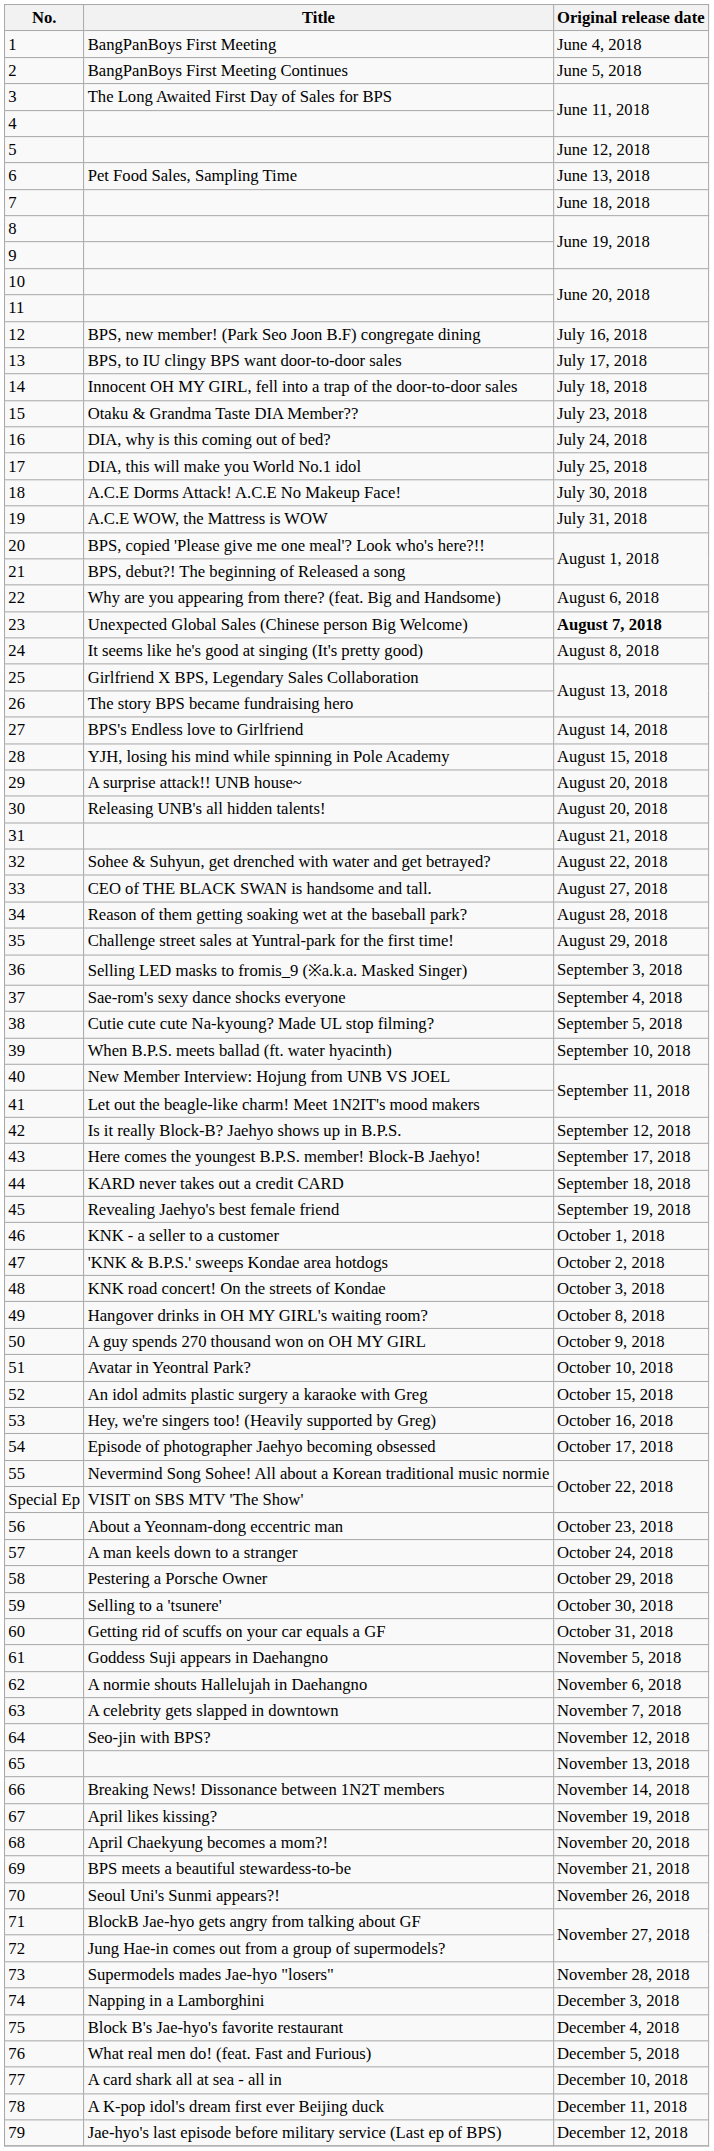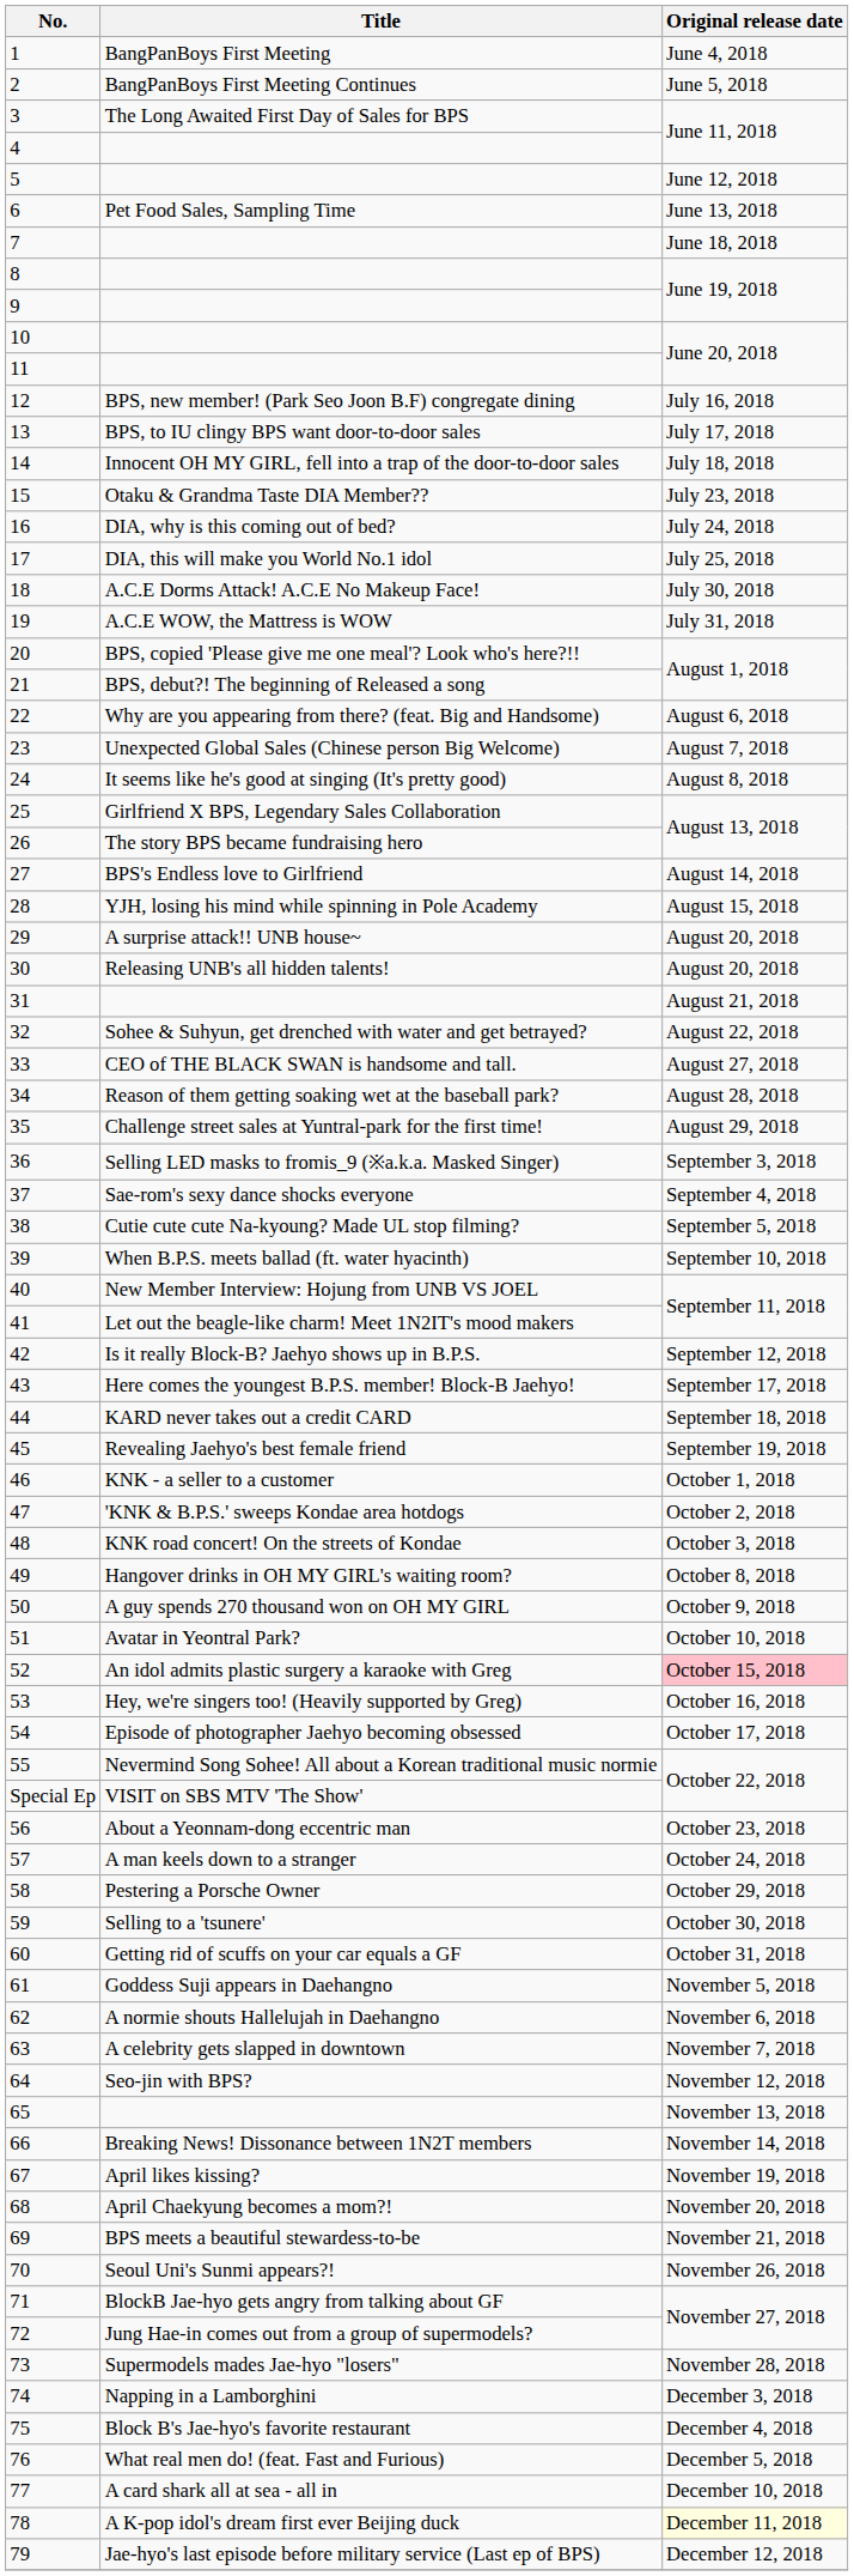 <table class="wikitable">
 <tr>
 <th>No.</th>
 <th>Title</th>
 <th>Original release date</th>
 </tr>
 <tr>
 <td>1</td>
 <td>BangPanBoys First Meeting</td>
 <td>June 4, 2018</td>
 </tr>
 <tr>
 <td>2</td>
 <td>BangPanBoys First Meeting Continues</td>
 <td>June 5, 2018</td>
 </tr>
 <tr>
 <td>3</td>
 <td>The Long Awaited First Day of Sales for BPS</td>
 <td rowspan="2">June 11, 2018</td>
 </tr>
 <tr>
 <td>4</td>
 <td></td>
 </tr>
 <tr>
 <td>5</td>
 <td></td>
 <td>June 12, 2018</td>
 </tr>
 <tr>
 <td>6</td>
 <td>Pet Food Sales, Sampling Time</td>
 <td>June 13, 2018</td>
 </tr>
 <tr>
 <td>7</td>
 <td></td>
 <td>June 18, 2018</td>
 </tr>
 <tr>
 <td>8</td>
 <td></td>
 <td rowspan="2">June 19, 2018</td>
 </tr>
 <tr>
 <td>9</td>
 <td></td>
 </tr>
 <tr>
 <td>10</td>
 <td></td>
 <td rowspan="2">June 20, 2018</td>
 </tr>
 <tr>
 <td>11</td>
 <td></td>
 </tr>
 <tr>
 <td>12</td>
 <td>BPS, new member! (Park Seo Joon B.F) congregate dining</td>
 <td>July 16, 2018</td>
 </tr>
 <tr>
 <td>13</td>
 <td>BPS, to IU clingy BPS want door-to-door sales</td>
 <td>July 17, 2018</td>
 </tr>
 <tr>
 <td>14</td>
 <td>Innocent OH MY GIRL, fell into a trap of the door-to-door sales</td>
 <td>July 18, 2018</td>
 </tr>
 <tr>
 <td>15</td>
 <td>Otaku & Grandma Taste DIA Member??</td>
 <td>July 23, 2018</td>
 </tr>
 <tr>
 <td>16</td>
 <td>DIA, why is this coming out of bed?</td>
 <td>July 24, 2018</td>
 </tr>
 <tr>
 <td>17</td>
 <td>DIA, this will make you World No.1 idol</td>
 <td>July 25, 2018</td>
 </tr>
 <tr>
 <td>18</td>
 <td>A.C.E Dorms Attack! A.C.E No Makeup Face!</td>
 <td>July 30, 2018</td>
 </tr>
 <tr>
 <td>19</td>
 <td>A.C.E WOW, the Mattress is WOW</td>
 <td>July 31, 2018</td>
 </tr>
 <tr>
 <td>20</td>
 <td>BPS, copied 'Please give me one meal'? Look who's here?!!</td>
 <td rowspan="2">August 1, 2018</td>
 </tr>
 <tr>
 <td>21</td>
 <td>BPS, debut?! The beginning of Released a song</td>
 </tr>
 <tr>
 <td>22</td>
 <td>Why are you appearing from there? (feat. Big and Handsome)</td>
 <td>August 6, 2018</td>
 </tr>
 <tr>
 <td>23</td>
 <td>Unexpected Global Sales (Chinese person Big Welcome)</td>
-<td><strong>August 7, 2018</strong></td>
+<td>August 7, 2018</td>
 </tr>
 <tr>
 <td>24</td>
 <td>It seems like he's good at singing (It's pretty good)</td>
 <td>August 8, 2018</td>
 </tr>
 <tr>
 <td>25</td>
 <td>Girlfriend X BPS, Legendary Sales Collaboration</td>
 <td rowspan="2">August 13, 2018</td>
 </tr>
 <tr>
 <td>26</td>
 <td>The story BPS became fundraising hero</td>
 </tr>
 <tr>
 <td>27</td>
 <td>BPS's Endless love to Girlfriend</td>
 <td>August 14, 2018</td>
 </tr>
 <tr>
 <td>28</td>
 <td>YJH, losing his mind while spinning in Pole Academy</td>
 <td>August 15, 2018</td>
 </tr>
 <tr>
 <td>29</td>
 <td>A surprise attack!! UNB house~</td>
 <td>August 20, 2018</td>
 </tr>
 <tr>
 <td>30</td>
 <td>Releasing UNB's all hidden talents!</td>
 <td>August 20, 2018</td>
 </tr>
 <tr>
 <td>31</td>
 <td></td>
 <td>August 21, 2018</td>
 </tr>
 <tr>
 <td>32</td>
 <td>Sohee & Suhyun, get drenched with water and get betrayed?</td>
 <td>August 22, 2018</td>
 </tr>
 <tr>
 <td>33</td>
 <td>CEO of THE BLACK SWAN is handsome and tall.</td>
 <td>August 27, 2018</td>
 </tr>
 <tr>
 <td>34</td>
 <td>Reason of them getting soaking wet at the baseball park?</td>
 <td>August 28, 2018</td>
 </tr>
 <tr>
 <td>35</td>
 <td>Challenge street sales at Yuntral-park for the first time!</td>
 <td>August 29, 2018</td>
 </tr>
 <tr>
 <td>36</td>
 <td>Selling LED masks to fromis_9 (※a.k.a. Masked Singer)</td>
 <td>September 3, 2018</td>
 </tr>
 <tr>
 <td>37</td>
 <td>Sae-rom's sexy dance shocks everyone</td>
 <td>September 4, 2018</td>
 </tr>
 <tr>
 <td>38</td>
 <td>Cutie cute cute Na-kyoung? Made UL stop filming?</td>
 <td>September 5, 2018</td>
 </tr>
 <tr>
 <td>39</td>
 <td>When B.P.S. meets ballad (ft. water hyacinth)</td>
 <td>September 10, 2018</td>
 </tr>
 <tr>
 <td>40</td>
 <td>New Member Interview: Hojung from UNB VS JOEL</td>
 <td rowspan="2">September 11, 2018</td>
 </tr>
 <tr>
 <td>41</td>
 <td>Let out the beagle-like charm! Meet 1N2IT's mood makers</td>
 </tr>
 <tr>
 <td>42</td>
 <td>Is it really Block-B? Jaehyo shows up in B.P.S.</td>
 <td>September 12, 2018</td>
 </tr>
 <tr>
 <td>43</td>
 <td>Here comes the youngest B.P.S. member! Block-B Jaehyo!</td>
 <td>September 17, 2018</td>
 </tr>
 <tr>
 <td>44</td>
 <td>KARD never takes out a credit CARD</td>
 <td>September 18, 2018</td>
 </tr>
 <tr>
 <td>45</td>
 <td>Revealing Jaehyo's best female friend</td>
 <td>September 19, 2018</td>
 </tr>
 <tr>
 <td>46</td>
 <td>KNK - a seller to a customer</td>
 <td>October 1, 2018</td>
 </tr>
 <tr>
 <td>47</td>
 <td>'KNK & B.P.S.' sweeps Kondae area hotdogs</td>
 <td>October 2, 2018</td>
 </tr>
 <tr>
 <td>48</td>
 <td>KNK road concert! On the streets of Kondae</td>
 <td>October 3, 2018</td>
 </tr>
 <tr>
 <td>49</td>
 <td>Hangover drinks in OH MY GIRL's waiting room?</td>
 <td>October 8, 2018</td>
 </tr>
 <tr>
 <td>50</td>
 <td>A guy spends 270 thousand won on OH MY GIRL</td>
 <td>October 9, 2018</td>
 </tr>
 <tr>
 <td>51</td>
 <td>Avatar in Yeontral Park?</td>
 <td>October 10, 2018</td>
 </tr>
 <tr>
 <td>52</td>
 <td>An idol admits plastic surgery a karaoke with Greg</td>
-<td>October 15, 2018</td>
+<td style="background: pink;">October 15, 2018</td>
 </tr>
 <tr>
 <td>53</td>
 <td>Hey, we're singers too! (Heavily supported by Greg)</td>
 <td>October 16, 2018</td>
 </tr>
 <tr>
 <td>54</td>
 <td>Episode of photographer Jaehyo becoming obsessed</td>
 <td>October 17, 2018</td>
 </tr>
 <tr>
 <td>55</td>
 <td>Nevermind Song Sohee! All about a Korean traditional music normie</td>
 <td rowspan="2">October 22, 2018</td>
 </tr>
 <tr>
 <td>Special Ep</td>
 <td>VISIT on SBS MTV 'The Show'</td>
 </tr>
 <tr>
 <td>56</td>
 <td>About a Yeonnam-dong eccentric man</td>
 <td>October 23, 2018</td>
 </tr>
 <tr>
 <td>57</td>
 <td>A man keels down to a stranger</td>
 <td>October 24, 2018</td>
 </tr>
 <tr>
 <td>58</td>
 <td>Pestering a Porsche Owner</td>
 <td>October 29, 2018</td>
 </tr>
 <tr>
 <td>59</td>
 <td>Selling to a 'tsunere'</td>
 <td>October 30, 2018</td>
 </tr>
 <tr>
 <td>60</td>
 <td>Getting rid of scuffs on your car equals a GF</td>
 <td>October 31, 2018</td>
 </tr>
 <tr>
 <td>61</td>
 <td>Goddess Suji appears in Daehangno</td>
 <td>November 5, 2018</td>
 </tr>
 <tr>
 <td>62</td>
 <td>A normie shouts Hallelujah in Daehangno</td>
 <td>November 6, 2018</td>
 </tr>
 <tr>
 <td>63</td>
 <td>A celebrity gets slapped in downtown</td>
 <td>November 7, 2018</td>
 </tr>
 <tr>
 <td>64</td>
 <td>Seo-jin with BPS?</td>
 <td>November 12, 2018</td>
 </tr>
 <tr>
 <td>65</td>
 <td></td>
 <td>November 13, 2018</td>
 </tr>
 <tr>
 <td>66</td>
 <td>Breaking News! Dissonance between 1N2T members</td>
 <td>November 14, 2018</td>
 </tr>
 <tr>
 <td>67</td>
 <td>April likes kissing?</td>
 <td>November 19, 2018</td>
 </tr>
 <tr>
 <td>68</td>
 <td>April Chaekyung becomes a mom?!</td>
 <td>November 20, 2018</td>
 </tr>
 <tr>
 <td>69</td>
 <td>BPS meets a beautiful stewardess-to-be</td>
 <td>November 21, 2018</td>
 </tr>
 <tr>
 <td>70</td>
 <td>Seoul Uni's Sunmi appears?!</td>
 <td>November 26, 2018</td>
 </tr>
 <tr>
 <td>71</td>
 <td>BlockB Jae-hyo gets angry from talking about GF</td>
 <td rowspan="2">November 27, 2018</td>
 </tr>
 <tr>
 <td>72</td>
 <td>Jung Hae-in comes out from a group of supermodels?</td>
 </tr>
 <tr>
 <td>73</td>
 <td>Supermodels mades Jae-hyo "losers"</td>
 <td>November 28, 2018</td>
 </tr>
 <tr>
 <td>74</td>
 <td>Napping in a Lamborghini</td>
 <td>December 3, 2018</td>
 </tr>
 <tr>
 <td>75</td>
 <td>Block B's Jae-hyo's favorite restaurant</td>
 <td>December 4, 2018</td>
 </tr>
 <tr>
 <td>76</td>
 <td>What real men do! (feat. Fast and Furious)</td>
 <td>December 5, 2018</td>
 </tr>
 <tr>
 <td>77</td>
 <td>A card shark all at sea - all in</td>
 <td>December 10, 2018</td>
 </tr>
 <tr>
 <td>78</td>
 <td>A K-pop idol's dream first ever Beijing duck</td>
-<td>December 11, 2018</td>
+<td style="background: lightyellow;">December 11, 2018</td>
 </tr>
 <tr>
 <td>79</td>
 <td>Jae-hyo's last episode before military service (Last ep of BPS)</td>
 <td>December 12, 2018</td>
 </tr>
 <tr>
 </tr>
 </table>
